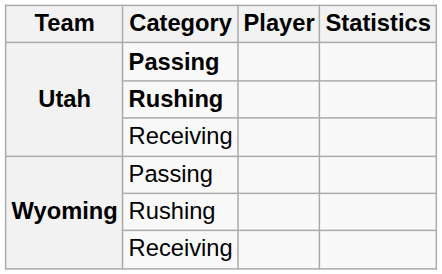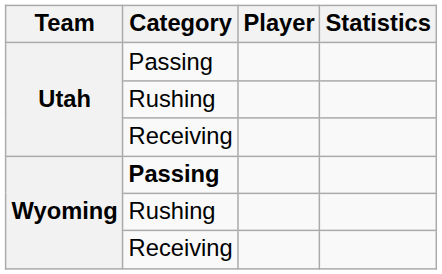 <table class="wikitable" style="float:right">
 <tr>
 <th>Team</th>
 <th>Category</th>
 <th>Player</th>
 <th>Statistics</th>
 </tr>
 <tr>
 <th rowspan=3>Utah</th>
-<td><strong>Passing</strong></td>
-<td></td>
-<td></td>
-</tr>
-<tr>
-<td><strong>Rushing</strong></td>
-<td></td>
-<td></td>
-</tr>
-<tr>
-<td>Receiving</td>
-<td></td>
-<td></td>
-</tr>
-<tr>
-<th rowspan=3>Wyoming</th>
 <td>Passing</td>
 <td></td>
 <td></td>
 </tr>
 <tr>
 <td>Rushing</td>
 <td></td>
 <td></td>
 </tr>
 <tr>
 <td>Receiving</td>
 <td></td>
 <td></td>
 </tr>
+<tr>
+<th rowspan=3>Wyoming</th>
+<td><strong>Passing</strong></td>
+<td></td>
+<td></td>
+</tr>
+<tr>
+<td>Rushing</td>
+<td></td>
+<td></td>
+</tr>
+<tr>
+<td>Receiving</td>
+<td></td>
+<td></td>
+</tr>
 </table>
